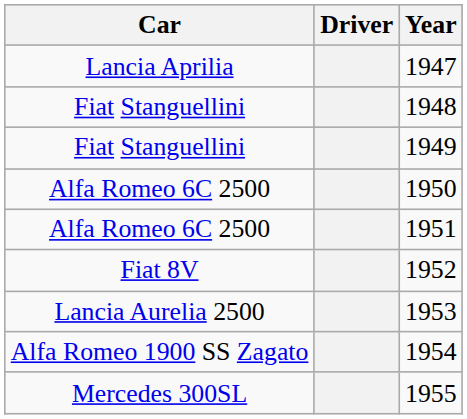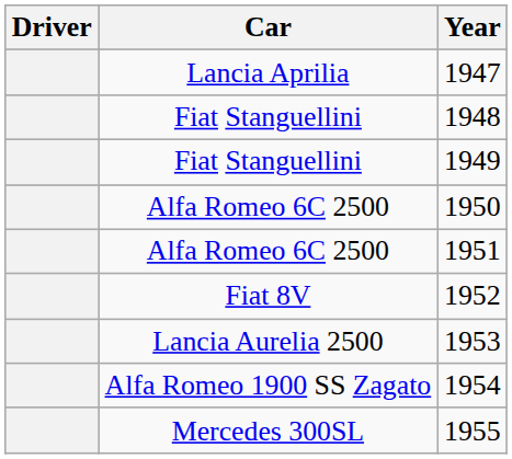 <table class="sortable plainrowheaders wikitable">
 <tr>
+<th scope="col">Driver</th>
 <th scope="col">Car</th>
-<th scope="col">Driver</th>
 <th scope=col class="unsortable">Year</th>
 </tr>
 <tr>
+<th scope="row"> </th>
 <td style="text-align: center"><a href='#'>Lancia Aprilia</a></td>
-<th scope="row"> </th>
 <td>1947</td>
 </tr>
 <tr>
+<th scope="row"> </th>
 <td style="text-align: center"><a href='#'>Fiat</a> <a href='#'>Stanguellini</a></td>
-<th scope="row"> </th>
 <td>1948</td>
 </tr>
 <tr>
+<th scope="row"> </th>
 <td style="text-align: center"><a href='#'>Fiat</a> <a href='#'>Stanguellini</a></td>
-<th scope="row"> </th>
 <td>1949</td>
 </tr>
 <tr>
+<th scope="row"> </th>
 <td style="text-align: center"><a href='#'>Alfa Romeo 6C</a> 2500</td>
-<th scope="row"> </th>
 <td>1950</td>
 </tr>
 <tr>
+<th scope="row"> </th>
 <td style="text-align: center"><a href='#'>Alfa Romeo 6C</a> 2500</td>
-<th scope="row"> </th>
 <td>1951</td>
 </tr>
 <tr>
+<th scope="row"> </th>
 <td style="text-align: center"><a href='#'>Fiat 8V</a></td>
-<th scope="row"> </th>
 <td>1952</td>
 </tr>
 <tr>
+<th scope="row"> </th>
 <td style="text-align: center"><a href='#'>Lancia Aurelia</a> 2500</td>
-<th scope="row"> </th>
 <td>1953</td>
 </tr>
 <tr>
+<th scope="row"> </th>
 <td style="text-align: center"><a href='#'>Alfa Romeo 1900</a> SS <a href='#'>Zagato</a></td>
-<th scope="row"> </th>
 <td>1954</td>
 </tr>
 <tr>
+<th scope="row"> </th>
 <td style="text-align: center"><a href='#'>Mercedes 300SL</a></td>
-<th scope="row"> </th>
 <td>1955</td>
 </tr>
 </table>
